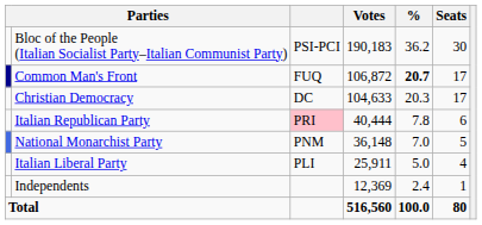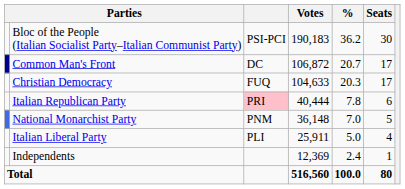 <table class="wikitable">
 <tr>
 <th colspan="2">Parties</th>
 <th></th>
 <th>Votes</th>
 <th>%</th>
 <th>Seats</th>
 <th rowspan="9"></th>
 </tr>
 <tr>
 <td style="background-color:"></td>
 <td>Bloc of the People <br>(<a href='#'>Italian Socialist Party</a>–<a href='#'>Italian Communist Party</a>)</td>
 <td>PSI-PCI</td>
 <td align=right>190,183</td>
 <td align=right>36.2</td>
 <td align=right>30</td>
 </tr>
 <tr>
 <td style="background-color:#00008B"></td>
 <td><a href='#'>Common Man's Front</a></td>
-<td>FUQ</td>
+<td>DC</td>
 <td align=right>106,872</td>
-<td align=right><strong>20.7</strong></td>
+<td align=right>20.7</td>
 <td align=right>17</td>
 </tr>
 <tr>
 <td style="background-color:"></td>
 <td><a href='#'>Christian Democracy</a></td>
-<td>DC</td>
+<td>FUQ</td>
 <td align=right>104,633</td>
 <td align=right>20.3</td>
 <td align=right>17</td>
 </tr>
 <tr>
 <td style="background-color:"></td>
 <td><a href='#'>Italian Republican Party</a></td>
 <td style="background: pink;">PRI</td>
 <td align=right>40,444</td>
 <td align=right>7.8</td>
 <td align=right>6</td>
 </tr>
 <tr>
 <td style="background-color:royalblue"></td>
 <td><a href='#'>National Monarchist Party</a></td>
 <td>PNM</td>
 <td align=right>36,148</td>
 <td align=right>7.0</td>
 <td align=right>5</td>
 </tr>
 <tr>
 <td style="background-color:"></td>
 <td><a href='#'>Italian Liberal Party</a></td>
 <td>PLI</td>
 <td align=right>25,911</td>
 <td align=right>5.0</td>
 <td align=right>4</td>
 </tr>
 <tr>
 <td style="background-color:"></td>
 <td>Independents</td>
 <td></td>
 <td align=right>12,369</td>
 <td align=right>2.4</td>
 <td align=right>1</td>
 </tr>
 <tr>
 <td colspan="2"><strong>Total</strong></td>
 <td></td>
 <td align=right><strong>516,560</strong></td>
 <td align=right><strong>100.0</strong></td>
 <td align=right><strong>80</strong></td>
 </tr>
 </table>
